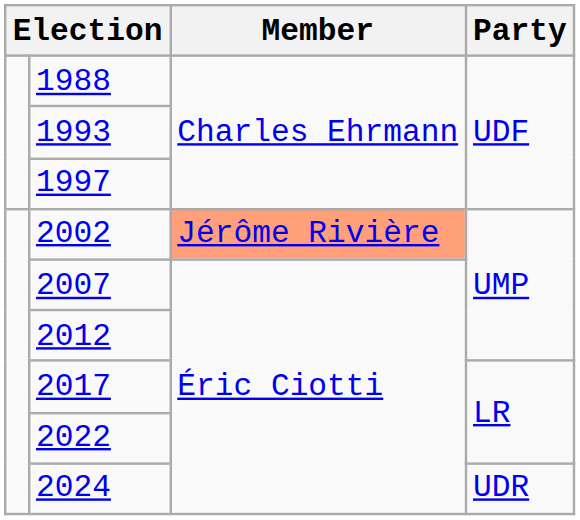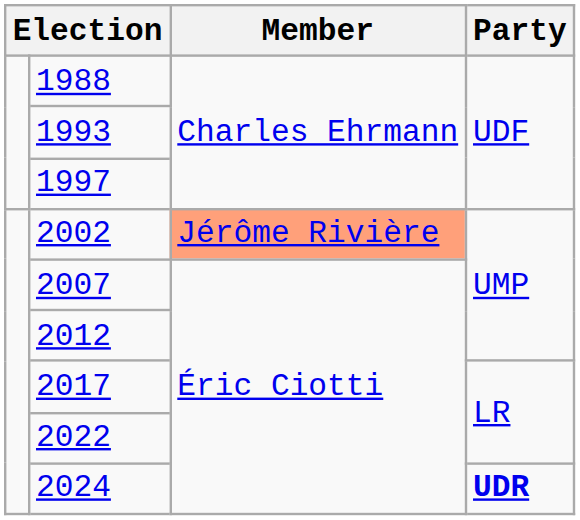 <table class="wikitable">
 <tr>
 <th colspan="2">Election</th>
 <th>Member</th>
 <th>Party</th>
 </tr>
 <tr>
 <td rowspan="3" style="background-color: "></td>
 <td><a href='#'>1988</a></td>
 <td rowspan="3"><a href='#'>Charles Ehrmann</a></td>
 <td rowspan="3"><a href='#'>UDF</a></td>
 </tr>
 <tr>
 <td><a href='#'>1993</a></td>
 </tr>
 <tr>
 <td><a href='#'>1997</a></td>
 </tr>
 <tr>
 <td rowspan="6" style="background-color: "></td>
 <td><a href='#'>2002</a></td>
 <td style="background: lightsalmon;"><a href='#'>Jérôme Rivière</a></td>
 <td rowspan="3"><a href='#'>UMP</a></td>
 </tr>
 <tr>
 <td><a href='#'>2007</a></td>
 <td rowspan="5"><a href='#'>Éric Ciotti</a></td>
 </tr>
 <tr>
 <td><a href='#'>2012</a></td>
 </tr>
 <tr>
 <td><a href='#'>2017</a></td>
 <td rowspan="2"><a href='#'>LR</a></td>
 </tr>
 <tr>
 <td><a href='#'>2022</a></td>
 </tr>
 <tr>
 <td><a href='#'>2024</a></td>
-<td><a href='#'>UDR</a></td>
+<td><strong><a href='#'>UDR</a></strong></td>
 </tr>
 </table>
